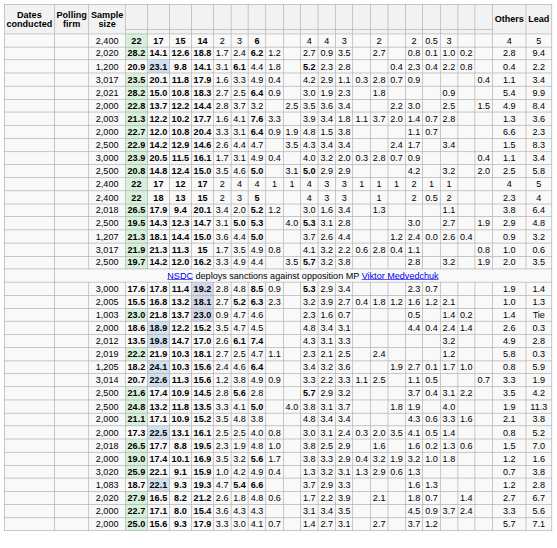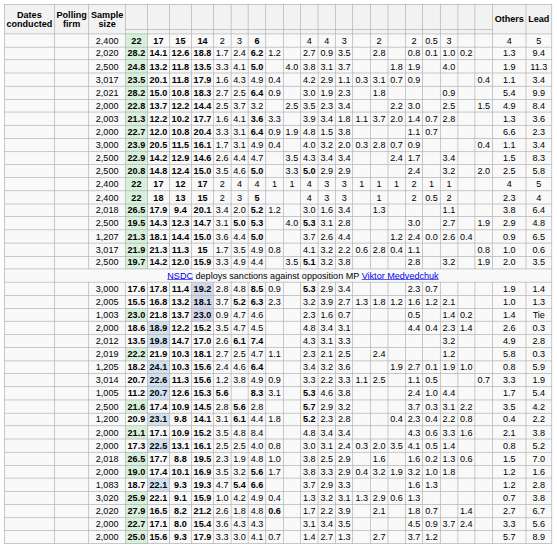 <table class="wikitable sortable mw-datatable mw-collapsible" style="text-align:center;font-size:90%;line-height:14px;">
 <tr style="height:40px;">
 <th rowspan="2">Dates<br>conducted</th>
 <th rowspan="2">Polling firm</th>
 <th rowspan="2">Sample<br>size</th>
 <th class="unsortable" style="width:30px;"></th>
 <th class="unsortable" style="width:30px;"></th>
 <th class="unsortable" style="width:30px;"></th>
 <th class="unsortable" style="width:30px;"></th>
 <th class="unsortable" style="width:30px;"></th>
 <th class="unsortable" style="width:30px;"></th>
 <th class="unsortable" style="width:30px;"></th>
 <th class="unsortable" style="width:30px;"></th>
 <th class="unsortable" style="width:30px;"></th>
 <th class="unsortable" style="width:30px;"></th>
 <th class="unsortable" style="width:30px;"></th>
 <th class="unsortable" style="width:30px;"></th>
 <th class="unsortable" style="width:30px;"></th>
 <th class="unsortable" style="width:30px;"></th>
 <th class="unsortable" style="width:30px;"></th>
 <th class="unsortable" style="width:30px;"></th>
 <th class="unsortable" style="width:30px;"></th>
 <th class="unsortable" style="width:30px;"></th>
 <th class="unsortable" style="width:30px;"></th>
 <th class="unsortable" style="width:30px;"></th>
 <th class="unsortable" rowspan="2" style="width:30px;">Others</th>
 <th rowspan="2" style="width:30px;">Lead</th>
 </tr>
 <tr>
 <th data-sort-type="number" style="background:"></th>
 <th data-sort-type="number" style="background:"></th>
 <th data-sort-type="number" style="background:"></th>
 <th data-sort-type="number" style="background:"></th>
 <th data-sort-type="number" style="background:"></th>
 <th data-sort-type="number" style="background:"></th>
 <th data-sort-type="number" style="background:"></th>
 <th data-sort-type="number" style="background:"></th>
 <th data-sort-type="number" style="background:"></th>
 <th data-sort-type="number" style="background:"></th>
 <th data-sort-type="number" style="background:"></th>
 <th data-sort-type="number" style="background:"></th>
 <th data-sort-type="number" style="background:"></th>
 <th data-sort-type="number" style="background:"></th>
 <th data-sort-type="number" style="background:"></th>
 <th data-sort-type="number" style="background:"></th>
 <th data-sort-type="number" style="background:"></th>
 <th data-sort-type="number" style="background:"></th>
 <th data-sort-type="number" style="background:"></th>
 <th data-sort-type="number" style="background:"></th>
 </tr>
 <tr>
 <td></td>
 <td></td>
 <td>2,400</td>
 <td style="background:#D7F0DB;"><strong>22</strong></td>
 <td><strong>17</strong></td>
 <td><strong>15</strong></td>
 <td><strong>14</strong></td>
 <td>2</td>
 <td>3</td>
 <td><strong>6</strong></td>
 <td></td>
 <td></td>
 <td>4</td>
 <td>4</td>
 <td>3</td>
 <td></td>
 <td>2</td>
 <td></td>
 <td>2</td>
 <td>0.5</td>
 <td>3</td>
 <td></td>
 <td></td>
 <td>4</td>
 <td style="background:">5</td>
 </tr>
 <tr>
 <td></td>
 <td></td>
 <td>2,020</td>
 <td style="background:#D7F0DB;"><strong>28.2</strong></td>
 <td><strong>14.1</strong></td>
 <td><strong>12.6</strong></td>
 <td><strong>18.8</strong></td>
 <td>1.7</td>
 <td>2.4</td>
 <td><strong>6.2</strong></td>
 <td>1.2</td>
 <td></td>
 <td>2.7</td>
 <td>0.9</td>
 <td>3.5</td>
 <td></td>
-<td>2.7</td>
+<td>2.8</td>
 <td></td>
 <td>0.8</td>
 <td>0.1</td>
 <td>1.0</td>
 <td>0.2</td>
 <td></td>
-<td>2.8</td>
+<td>1.3</td>
 <td style="background:">9.4</td>
 </tr>
 <tr>
 <td></td>
 <td></td>
-<td>1,200</td>
-<td><strong>20.9</strong></td>
-<td style="background:#D1E0EF;"><strong>23.1</strong></td>
-<td><strong>9.8</strong></td>
-<td><strong>14.1</strong></td>
+<td>2,500</td>
+<td style="background:#D7F0DB;"><strong>24.8</strong></td>
+<td><strong>13.2</strong></td>
+<td><strong>11.8</strong></td>
+<td><strong>13.5</strong></td>
+<td>3.3</td>
+<td>4.1</td>
+<td><strong>5.0</strong></td>
+<td></td>
+<td>4.0</td>
+<td>3.8</td>
 <td>3.1</td>
-<td><strong>6.1</strong></td>
-<td>4.4</td>
-<td>1.8</td>
-<td></td>
-<td><strong>5.2</strong></td>
-<td>2.3</td>
-<td>2.8</td>
+<td>3.7</td>
 <td></td>
 <td></td>
-<td>0.4</td>
-<td>2.3</td>
-<td>0.4</td>
-<td>2.2</td>
-<td>0.8</td>
+<td>1.8</td>
+<td>1.9</td>
 <td></td>
-<td>0.4</td>
-<td style="background:">2.2</td>
+<td>4.0</td>
+<td></td>
+<td></td>
+<td>1.9</td>
+<td style="background:">11.3</td>
 </tr>
 <tr>
 <td></td>
 <td></td>
 <td>3,017</td>
 <td style="background:#D7F0DB;"><strong>23.5</strong></td>
 <td><strong>20.1</strong></td>
 <td><strong>11.8</strong></td>
 <td><strong>17.9</strong></td>
 <td>1.6</td>
-<td>3.3</td>
+<td>4.3</td>
 <td>4.9</td>
 <td>0.4</td>
 <td></td>
 <td>4.2</td>
 <td>2.9</td>
 <td>1.1</td>
 <td>0.3</td>
-<td>2.8</td>
+<td>3.1</td>
 <td>0.7</td>
 <td>0.9</td>
 <td></td>
 <td></td>
 <td></td>
 <td>0.4</td>
 <td>1.1</td>
 <td style="background:">3.4</td>
 </tr>
 <tr>
 <td></td>
 <td></td>
 <td>2,021</td>
 <td style="background:#D7F0DB;"><strong>28.2</strong></td>
 <td><strong>15.0</strong></td>
 <td><strong>10.8</strong></td>
 <td><strong>18.3</strong></td>
 <td>2.7</td>
 <td>2.5</td>
 <td><strong>6.4</strong></td>
 <td>0.9</td>
 <td></td>
 <td>3.0</td>
 <td>1.9</td>
 <td>2.3</td>
 <td></td>
 <td>1.8</td>
 <td></td>
 <td></td>
 <td></td>
 <td>0.9</td>
 <td></td>
 <td></td>
 <td>5.4</td>
 <td style="background:">9.9</td>
 </tr>
 <tr>
 <td></td>
 <td></td>
 <td>2,000</td>
 <td style="background:#D7F0DB;"><strong>22.8</strong></td>
 <td><strong>13.7</strong></td>
 <td><strong>12.2</strong></td>
 <td><strong>14.4</strong></td>
-<td>2.8</td>
+<td>2.5</td>
 <td>3.7</td>
 <td>3.2</td>
 <td></td>
 <td>2.5</td>
 <td>3.5</td>
-<td>3.6</td>
+<td>2.3</td>
 <td>3.4</td>
 <td></td>
 <td></td>
 <td>2.2</td>
 <td>3.0</td>
 <td></td>
 <td>2.5</td>
 <td></td>
 <td>1.5</td>
 <td>4.9</td>
 <td style="background:">8.4</td>
 </tr>
 <tr>
 <td></td>
 <td></td>
 <td>2,003</td>
 <td style="background:#D7F0DB;"><strong>21.3</strong></td>
 <td><strong>12.2</strong></td>
 <td><strong>10.2</strong></td>
 <td><strong>17.7</strong></td>
 <td>1.6</td>
 <td>4.1</td>
-<td><strong>7.6</strong></td>
+<td><strong>3.6</strong></td>
 <td>3.3</td>
 <td></td>
 <td>3.9</td>
 <td>3.4</td>
 <td>1.8</td>
 <td>1.1</td>
 <td>3.7</td>
 <td>2.0</td>
 <td>1.4</td>
 <td>0.7</td>
 <td>2.8</td>
 <td></td>
 <td></td>
 <td>1.3</td>
 <td style="background:">3.6</td>
 </tr>
 <tr>
 <td></td>
 <td></td>
 <td>2,000</td>
 <td style="background:#D7F0DB;"><strong>22.7</strong></td>
 <td><strong>12.0</strong></td>
 <td><strong>10.8</strong></td>
 <td><strong>20.4</strong></td>
 <td>3.3</td>
 <td>3.1</td>
 <td><strong>6.4</strong></td>
 <td>0.9</td>
 <td>1.9</td>
 <td>4.8</td>
 <td>1.5</td>
 <td>3.8</td>
 <td></td>
 <td></td>
 <td></td>
 <td>1.1</td>
 <td>0.7</td>
 <td></td>
 <td></td>
 <td></td>
 <td>6.6</td>
 <td style="background:">2.3</td>
 </tr>
 <tr>
 <td></td>
 <td></td>
-<td>2,500</td>
-<td style="background:#D7F0DB;"><strong>22.9</strong></td>
-<td><strong>14.2</strong></td>
-<td><strong>12.9</strong></td>
-<td><strong>14.6</strong></td>
-<td>2.6</td>
-<td>4.4</td>
-<td>4.7</td>
-<td></td>
-<td>3.5</td>
-<td>4.3</td>
-<td>3.4</td>
-<td>3.4</td>
-<td></td>
-<td></td>
-<td>2.4</td>
-<td>1.7</td>
-<td></td>
-<td>3.4</td>
-<td></td>
-<td></td>
-<td>1.5</td>
-<td style="background:">8.3</td>
-</tr>
-<tr>
-<td></td>
-<td></td>
 <td>3,000</td>
 <td style="background:#D7F0DB;"><strong>23.9</strong></td>
 <td><strong>20.5</strong></td>
 <td><strong>11.5</strong></td>
 <td><strong>16.1</strong></td>
 <td>1.7</td>
 <td>3.1</td>
 <td>4.9</td>
 <td>0.4</td>
 <td></td>
 <td>4.0</td>
 <td>3.2</td>
 <td>2.0</td>
 <td>0.3</td>
 <td>2.8</td>
 <td>0.7</td>
 <td>0.9</td>
 <td></td>
 <td></td>
 <td></td>
 <td>0.4</td>
 <td>1.1</td>
 <td style="background:">3.4</td>
 </tr>
 <tr>
 <td></td>
 <td></td>
 <td>2,500</td>
+<td style="background:#D7F0DB;"><strong>22.9</strong></td>
+<td><strong>14.2</strong></td>
+<td><strong>12.9</strong></td>
+<td><strong>14.6</strong></td>
+<td>2.6</td>
+<td>4.4</td>
+<td>4.7</td>
+<td></td>
+<td>3.5</td>
+<td>4.3</td>
+<td>3.4</td>
+<td>3.4</td>
+<td></td>
+<td></td>
+<td>2.4</td>
+<td>1.7</td>
+<td></td>
+<td>3.4</td>
+<td></td>
+<td></td>
+<td>1.5</td>
+<td style="background:">8.3</td>
+</tr>
+<tr>
+<td></td>
+<td></td>
+<td>2,500</td>
 <td style="background:#D7F0DB;"><strong>20.8</strong></td>
 <td><strong>14.8</strong></td>
 <td><strong>12.4</strong></td>
 <td><strong>15.0</strong></td>
 <td>3.5</td>
 <td>4.6</td>
 <td><strong>5.0</strong></td>
 <td></td>
-<td>3.1</td>
+<td>3.3</td>
 <td><strong>5.0</strong></td>
 <td>2.9</td>
 <td>2.9</td>
 <td></td>
 <td></td>
 <td></td>
-<td>4.2</td>
+<td>2.4</td>
 <td></td>
 <td>3.2</td>
 <td></td>
 <td>2.0</td>
 <td>2.5</td>
 <td style="background:">5.8</td>
 </tr>
 <tr>
 <td></td>
 <td></td>
 <td>2,400</td>
 <td style="background:#D7F0DB;"><strong>22</strong></td>
 <td><strong>17</strong></td>
 <td><strong>12</strong></td>
 <td><strong>17</strong></td>
 <td>2</td>
 <td>4</td>
 <td>4</td>
 <td>1</td>
 <td>1</td>
 <td>4</td>
 <td>3</td>
 <td>3</td>
 <td>1</td>
 <td>1</td>
 <td>1</td>
 <td>2</td>
 <td>1</td>
 <td>1</td>
 <td></td>
 <td></td>
 <td>4</td>
 <td style="background:">5</td>
 </tr>
 <tr>
 <td></td>
 <td></td>
 <td>2,400</td>
 <td style="background:#D7F0DB;"><strong>22</strong> </td>
 <td><strong>18</strong></td>
 <td><strong>13</strong></td>
 <td><strong>15</strong></td>
 <td>2</td>
 <td>3</td>
 <td><strong>5</strong></td>
 <td></td>
 <td></td>
 <td>4</td>
 <td>3</td>
 <td>3</td>
 <td></td>
 <td>1</td>
 <td></td>
 <td>2</td>
 <td>0.5</td>
 <td>2</td>
 <td></td>
 <td></td>
 <td>2.3</td>
 <td style="background:">4</td>
 </tr>
 <tr>
 <td></td>
 <td></td>
 <td>2,018</td>
 <td style="background:#D7F0DB;"><strong>26.5</strong></td>
 <td><strong>17.9</strong></td>
 <td><strong>9.4</strong></td>
 <td><strong>20.1</strong></td>
 <td>3.4</td>
 <td>2.0</td>
 <td><strong>5.2</strong></td>
 <td>1.2</td>
 <td></td>
 <td>3.0</td>
 <td>1.6</td>
 <td>3.4</td>
 <td></td>
 <td>1.3</td>
 <td></td>
 <td></td>
 <td></td>
 <td>1.1</td>
 <td></td>
 <td></td>
 <td>3.8</td>
 <td style="background:">6.4</td>
 </tr>
 <tr>
 <td></td>
 <td></td>
 <td>2,500</td>
 <td style="background:#D7F0DB;"><strong>19.5</strong></td>
 <td><strong>14.3</strong></td>
 <td><strong>12.3</strong></td>
 <td><strong>14.7</strong></td>
 <td>3.1</td>
 <td><strong>5.0</strong></td>
 <td><strong>5.3</strong></td>
 <td></td>
 <td>4.0</td>
 <td><strong>5.3</strong></td>
 <td>3.1</td>
 <td>2.8</td>
 <td></td>
 <td></td>
 <td></td>
 <td>3.0</td>
 <td></td>
 <td>2.7</td>
 <td></td>
 <td>1.9</td>
 <td>2.9</td>
 <td style="background:">4.8</td>
 </tr>
 <tr>
 <td></td>
 <td></td>
 <td>1,207</td>
 <td style="background:#D7F0DB;"><strong>21.3</strong></td>
 <td><strong>18.1</strong></td>
 <td><strong>14.4</strong></td>
 <td><strong>15.0</strong></td>
 <td>3.6</td>
 <td>4.4</td>
 <td><strong>5.0</strong></td>
 <td></td>
 <td></td>
 <td>3.7</td>
 <td>2.6</td>
 <td>4.4</td>
 <td></td>
 <td></td>
 <td>1.2</td>
 <td>2.4</td>
 <td>0.0</td>
 <td>2.6</td>
 <td>0.4</td>
 <td></td>
 <td>0.9</td>
-<td style="background:">3.2</td>
+<td style="background:">6.5</td>
 </tr>
 <tr>
 <td></td>
 <td></td>
 <td>3,017</td>
 <td style="background:#D7F0DB;"><strong>21.9</strong></td>
 <td><strong>21.3</strong></td>
 <td><strong>11.3</strong></td>
 <td><strong>15</strong></td>
 <td>1.7</td>
 <td>3.5</td>
 <td>4.9</td>
 <td>0.8</td>
 <td></td>
 <td>4.1</td>
 <td>3.2</td>
 <td>2.2</td>
 <td>0.6</td>
 <td>2.8</td>
 <td>0.4</td>
 <td>1.1</td>
 <td></td>
 <td></td>
 <td></td>
 <td>0.8</td>
 <td>1.0</td>
 <td style="background:">0.6</td>
 </tr>
 <tr>
 <td></td>
 <td></td>
 <td>2,500</td>
 <td style="background:#D7F0DB;"><strong>19.7</strong></td>
 <td><strong>14.2</strong></td>
 <td><strong>12.0</strong></td>
-<td><strong>16.2</strong></td>
+<td><strong>15.9</strong></td>
 <td>3.3</td>
 <td>4.9</td>
 <td>4.4</td>
 <td></td>
 <td>3.5</td>
-<td><strong>5.7</strong></td>
+<td><strong>5.1</strong></td>
 <td>3.2</td>
 <td>3.8</td>
 <td></td>
 <td></td>
 <td></td>
 <td>2.8</td>
 <td></td>
 <td>3.2</td>
 <td></td>
 <td>1.9</td>
 <td>2.0</td>
 <td style="background:">3.5</td>
 </tr>
 <tr>
 <td></td>
 <td colspan="24"><a href='#'>NSDC</a> deploys sanctions against opposition MP <a href='#'>Viktor Medvedchuk</a></td>
 </tr>
 <tr>
 <td></td>
 <td></td>
 <td>3,000</td>
 <td><strong>17.6</strong></td>
 <td><strong>17.8</strong></td>
 <td><strong>11.4</strong></td>
 <td style="background:#D1D7E9;"><strong>19.2</strong></td>
 <td>2.8</td>
 <td>4.8</td>
 <td><strong>8.5</strong></td>
 <td>0.9</td>
 <td></td>
 <td><strong>5.3</strong></td>
 <td>2.9</td>
 <td>3.4</td>
 <td></td>
 <td></td>
 <td></td>
 <td>2.3</td>
 <td>0.7</td>
 <td></td>
 <td></td>
 <td></td>
 <td>1.9</td>
 <td style="background:">1.4</td>
 </tr>
 <tr>
 <td></td>
 <td></td>
 <td>2,005</td>
 <td><strong>15.5</strong></td>
 <td><strong>16.8</strong></td>
 <td><strong>13.2</strong></td>
 <td style="background:#D1D7E9;"><strong>18.1</strong></td>
-<td>2.7</td>
+<td>3.7</td>
 <td><strong>5.2</strong></td>
 <td><strong>6.3</strong></td>
 <td>2.3</td>
 <td></td>
 <td>3.2</td>
 <td>3.9</td>
 <td>2.7</td>
-<td>0.4</td>
+<td>1.3</td>
 <td>1.8</td>
 <td>1.2</td>
 <td>1.6</td>
 <td>1.2</td>
 <td>2.1</td>
 <td></td>
 <td></td>
 <td>1.0</td>
 <td style="background:">1.3</td>
 </tr>
 <tr>
 <td></td>
 <td></td>
 <td>1,003</td>
 <td style="background:#D7F0DB;"><strong>23.0</strong></td>
 <td><strong>21.8</strong></td>
 <td><strong>13.7</strong></td>
 <td style="background:#D1D7E9;"><strong>23.0</strong></td>
 <td>0.9</td>
 <td>4.7</td>
 <td>4.6</td>
 <td></td>
 <td></td>
 <td>2.3</td>
 <td>1.6</td>
 <td>0.7</td>
 <td></td>
 <td></td>
 <td></td>
 <td>0.5</td>
 <td></td>
 <td>1.4</td>
 <td>0.2</td>
 <td></td>
 <td>1.4</td>
 <td>Tie</td>
 </tr>
 <tr>
 <td></td>
 <td></td>
 <td>2,000</td>
 <td><strong>18.6</strong></td>
 <td style="background:#D1E0EF;"><strong>18.9</strong></td>
 <td><strong>12.2</strong></td>
 <td><strong>15.2</strong></td>
 <td>3.5</td>
 <td>4.7</td>
 <td>4.5</td>
 <td></td>
 <td></td>
 <td>4.8</td>
 <td>3.4</td>
 <td>3.1</td>
 <td></td>
 <td></td>
 <td></td>
 <td>4.4</td>
 <td>0.4</td>
-<td>2.4</td>
+<td>2.3</td>
 <td>1.4</td>
 <td></td>
 <td>2.6</td>
 <td style="background:">0.3</td>
 </tr>
 <tr>
 <td></td>
 <td></td>
 <td>2,012</td>
 <td><strong>13.5</strong></td>
 <td style="background:#D1E0EF;"><strong>19.8</strong></td>
 <td><strong>14.7</strong></td>
 <td><strong>17.0</strong></td>
 <td>2.6</td>
 <td><strong>6.1</strong></td>
 <td><strong>7.4</strong></td>
 <td></td>
 <td></td>
 <td>4.3</td>
 <td>3.1</td>
 <td>3.3</td>
 <td></td>
 <td></td>
 <td></td>
 <td></td>
 <td></td>
 <td>3.2</td>
 <td></td>
 <td></td>
 <td>4.9</td>
 <td style="background:">2.8</td>
 </tr>
 <tr>
 <td></td>
 <td></td>
 <td>2,019</td>
 <td style="background:#D7F0DB;"><strong>22.2</strong></td>
 <td><strong>21.9</strong></td>
 <td><strong>10.3</strong></td>
 <td><strong>18.1</strong></td>
 <td>2.7</td>
 <td>2.5</td>
 <td>4.7</td>
 <td>1.1</td>
 <td></td>
 <td>2.3</td>
 <td>2.1</td>
 <td>2.5</td>
 <td></td>
 <td>2.4</td>
 <td></td>
 <td></td>
 <td></td>
 <td>1.2</td>
 <td></td>
 <td></td>
 <td>5.8</td>
 <td style="background:">0.3</td>
 </tr>
 <tr>
 <td></td>
 <td></td>
 <td>1,205</td>
 <td><strong>18.2</strong></td>
 <td style="background:#D1E0EF;"><strong>24.1</strong></td>
 <td><strong>10.3</strong></td>
 <td><strong>15.6</strong></td>
 <td>2.4</td>
 <td>4.6</td>
 <td><strong>6.4</strong></td>
 <td></td>
 <td></td>
 <td>3.4</td>
 <td>3.2</td>
 <td>3.6</td>
 <td></td>
 <td></td>
 <td>1.9</td>
 <td>2.7</td>
 <td>0.1</td>
-<td>1.7</td>
+<td>1.9</td>
 <td>1.0</td>
 <td></td>
 <td>0.8</td>
 <td style="background:">5.9</td>
 </tr>
 <tr>
 <td></td>
 <td></td>
 <td>3,014</td>
 <td><strong>20.7</strong></td>
 <td style="background:#D1E0EF;"><strong>22.6</strong></td>
 <td><strong>11.3</strong></td>
 <td><strong>15.6</strong></td>
 <td>1.2</td>
 <td>3.8</td>
 <td>4.9</td>
 <td>0.9</td>
 <td></td>
 <td>3.3</td>
 <td>2.2</td>
 <td>3.3</td>
 <td>1.1</td>
 <td>2.5</td>
 <td></td>
 <td>1.1</td>
 <td>0.5</td>
 <td></td>
 <td></td>
 <td>0.7</td>
 <td>3.3</td>
 <td style="background:">1.9</td>
 </tr>
 <tr>
 <td></td>
 <td></td>
+<td>1,005</td>
+<td><strong>11.2</strong></td>
+<td style="background:#D1E0EF;"><strong>20.7</strong></td>
+<td><strong>12.6</strong></td>
+<td><strong>15.3</strong></td>
+<td><strong>5.6</strong></td>
+<td></td>
+<td><strong>8.3</strong></td>
+<td>3.1</td>
+<td></td>
+<td><strong>5.3</strong></td>
+<td>4.6</td>
+<td>3.8</td>
+<td></td>
+<td></td>
+<td></td>
+<td>2.4</td>
+<td>1.0</td>
+<td>4.4</td>
+<td></td>
+<td></td>
+<td>1.7</td>
+<td style="background:">5.4</td>
+</tr>
+<tr>
+<td></td>
+<td></td>
 <td>2,500</td>
 <td style="background:#D7F0DB;"><strong>21.6</strong></td>
 <td><strong>17.4</strong></td>
 <td><strong>10.9</strong></td>
 <td><strong>14.5</strong></td>
 <td>2.8</td>
 <td><strong>5.6</strong></td>
 <td>2.8</td>
 <td></td>
 <td></td>
 <td><strong>5.7</strong></td>
 <td>2.9</td>
 <td>3.2</td>
 <td></td>
 <td></td>
 <td></td>
 <td>3.7</td>
-<td>0.4</td>
+<td>0.3</td>
 <td>3.1</td>
 <td>2.2</td>
 <td></td>
 <td>3.5</td>
 <td style="background:">4.2</td>
 </tr>
 <tr>
 <td></td>
 <td></td>
-<td>2,500</td>
-<td style="background:#D7F0DB;"><strong>24.8</strong></td>
-<td><strong>13.2</strong></td>
-<td><strong>11.8</strong></td>
-<td><strong>13.5</strong></td>
-<td>3.3</td>
-<td>4.1</td>
-<td><strong>5.0</strong></td>
+<td>1,200</td>
+<td><strong>20.9</strong></td>
+<td style="background:#D1E0EF;"><strong>23.1</strong></td>
+<td><strong>9.8</strong></td>
+<td><strong>14.1</strong></td>
+<td>3.1</td>
+<td><strong>6.1</strong></td>
+<td>4.4</td>
+<td>1.8</td>
 <td></td>
-<td>4.0</td>
-<td>3.8</td>
-<td>3.1</td>
-<td>3.7</td>
+<td><strong>5.2</strong></td>
+<td>2.3</td>
+<td>2.8</td>
 <td></td>
 <td></td>
-<td>1.8</td>
-<td>1.9</td>
+<td>0.4</td>
+<td>2.3</td>
+<td>0.4</td>
+<td>2.2</td>
+<td>0.8</td>
 <td></td>
-<td>4.0</td>
-<td></td>
-<td></td>
-<td>1.9</td>
-<td style="background:">11.3</td>
+<td>0.4</td>
+<td style="background:">2.2</td>
 </tr>
 <tr>
 <td></td>
 <td></td>
 <td>2,000</td>
 <td style="background:#D7F0DB;"><strong>21.1</strong></td>
 <td><strong>17.1</strong></td>
 <td><strong>10.9</strong></td>
 <td><strong>15.2</strong></td>
 <td>3.5</td>
 <td>4.8</td>
-<td>3.8</td>
+<td>8.4</td>
 <td></td>
 <td></td>
 <td>4.8</td>
 <td>3.4</td>
 <td>3.4</td>
 <td></td>
 <td></td>
 <td></td>
 <td>4.3</td>
 <td>0.6</td>
 <td>3.3</td>
 <td>1.6</td>
 <td></td>
 <td>2.1</td>
 <td style="background:">3.8</td>
 </tr>
 <tr>
 <td></td>
 <td></td>
 <td>2,000</td>
 <td><strong>17.3</strong></td>
 <td style="background:#D1E0EF;"><strong>22.5</strong></td>
 <td><strong>13.1</strong></td>
 <td><strong>16.1</strong></td>
 <td>2.5</td>
 <td>2.5</td>
 <td>4.0</td>
 <td>0.8</td>
 <td></td>
 <td>3.0</td>
 <td>3.1</td>
 <td>2.4</td>
 <td>0.3</td>
 <td>2.0</td>
 <td>3.5</td>
 <td>4.1</td>
 <td>0.5</td>
 <td>1.4</td>
 <td></td>
 <td></td>
 <td>0.8</td>
 <td style="background:">5.2</td>
 </tr>
 <tr>
 <td></td>
 <td></td>
 <td>2,018</td>
 <td style="background:#D7F0DB;"><strong>26.5</strong></td>
 <td><strong>17.7</strong></td>
 <td><strong>8.8</strong></td>
 <td><strong>19.5</strong></td>
 <td>2.3</td>
 <td>1.9</td>
 <td>4.8</td>
 <td>1.0</td>
 <td></td>
 <td>3.8</td>
 <td>2.5</td>
 <td>2.9</td>
 <td></td>
 <td>1.6</td>
 <td></td>
 <td>1.6</td>
 <td>0.2</td>
 <td>1.3</td>
 <td>0.6</td>
 <td></td>
 <td>1.5</td>
 <td style="background:">7.0</td>
 </tr>
 <tr>
 <td></td>
 <td></td>
 <td>2,000</td>
 <td style="background:#D7F0DB;"><strong>19.0</strong></td>
 <td><strong>17.4</strong></td>
 <td><strong>10.1</strong></td>
 <td><strong>16.9</strong></td>
 <td>3.5</td>
 <td>3.2</td>
 <td><strong>5.6</strong></td>
 <td>1.7</td>
 <td></td>
 <td>3.8</td>
 <td>3.3</td>
 <td>2.9</td>
 <td>0.4</td>
 <td>3.2</td>
 <td>1.9</td>
 <td>3.2</td>
 <td>1.0</td>
 <td>1.8</td>
 <td></td>
 <td></td>
 <td>1.2</td>
 <td style="background:">1.6</td>
 </tr>
 <tr>
 <td></td>
 <td></td>
+<td>1,083</td>
+<td><strong>18.7</strong></td>
+<td style="background:#D1E0EF;"><strong>22.1</strong></td>
+<td><strong>9.3</strong></td>
+<td><strong>19.3</strong></td>
+<td>4.7</td>
+<td><strong>5.4</strong></td>
+<td><strong>6.6</strong></td>
+<td></td>
+<td></td>
+<td>3.7</td>
+<td>2.9</td>
+<td>3.3</td>
+<td></td>
+<td></td>
+<td></td>
+<td>1.6</td>
+<td>1.3</td>
+<td></td>
+<td></td>
+<td></td>
+<td>1.2</td>
+<td style="background:">2.8</td>
+</tr>
+<tr>
+<td></td>
+<td></td>
 <td>3,020</td>
 <td style="background:#D7F0DB;"><strong>25.9</strong></td>
 <td><strong>22.1</strong></td>
 <td><strong>9.1</strong></td>
 <td><strong>15.9</strong></td>
 <td>1.0</td>
 <td>4.2</td>
 <td>4.9</td>
 <td>0.4</td>
 <td></td>
 <td>1.3</td>
 <td>3.2</td>
 <td>3.1</td>
 <td>1.3</td>
 <td>2.9</td>
 <td>0.6</td>
 <td>1.3</td>
 <td></td>
 <td></td>
 <td></td>
 <td></td>
 <td>0.7</td>
 <td style="background:">3.8</td>
 </tr>
 <tr>
 <td></td>
 <td></td>
-<td>1,083</td>
-<td><strong>18.7</strong></td>
-<td style="background:#D1E0EF;"><strong>22.1</strong></td>
-<td><strong>9.3</strong></td>
-<td><strong>19.3</strong></td>
-<td>4.7</td>
-<td><strong>5.4</strong></td>
-<td><strong>6.6</strong></td>
-<td></td>
-<td></td>
-<td>3.7</td>
-<td>2.9</td>
-<td>3.3</td>
-<td></td>
-<td></td>
-<td></td>
-<td>1.6</td>
-<td>1.3</td>
-<td></td>
-<td></td>
-<td></td>
-<td>1.2</td>
-<td style="background:">2.8</td>
-</tr>
-<tr>
-<td></td>
-<td></td>
 <td>2,020</td>
 <td style="background:#D7F0DB;"><strong>27.9</strong></td>
 <td><strong>16.5</strong></td>
 <td><strong>8.2</strong></td>
 <td><strong>21.2</strong></td>
 <td>2.6</td>
 <td>1.8</td>
 <td>4.8</td>
-<td>0.6</td>
+<td><strong>0.6</strong></td>
 <td></td>
 <td>1.7</td>
 <td>2.2</td>
 <td>3.9</td>
 <td></td>
 <td>2.1</td>
 <td></td>
 <td>1.8</td>
 <td>0.7</td>
 <td></td>
 <td>1.4</td>
 <td></td>
 <td>2.7</td>
 <td style="background:">6.7</td>
 </tr>
 <tr>
 <td></td>
 <td></td>
 <td>2,000</td>
 <td style="background:#D7F0DB;"><strong>22.7</strong></td>
 <td><strong>17.1</strong></td>
 <td><strong>8.0</strong></td>
 <td><strong>15.4</strong></td>
 <td>3.6</td>
 <td>4.3</td>
 <td>4.3</td>
 <td></td>
 <td></td>
 <td>3.1</td>
 <td>3.4</td>
 <td>3.5</td>
 <td></td>
 <td></td>
 <td></td>
 <td>4.5</td>
 <td>0.9</td>
 <td>3.7</td>
 <td>2.4</td>
 <td></td>
 <td>3.3</td>
 <td style="background:">5.6</td>
 </tr>
 <tr>
 <td></td>
 <td></td>
 <td>2,000</td>
 <td style="background:#D7F0DB;"><strong>25.0</strong></td>
 <td><strong>15.6</strong></td>
 <td><strong>9.3</strong></td>
 <td><strong>17.9</strong></td>
 <td>3.3</td>
 <td>3.0</td>
 <td>4.1</td>
 <td>0.7</td>
 <td></td>
 <td>1.4</td>
 <td>2.7</td>
-<td>3.1</td>
+<td>1.3</td>
 <td></td>
 <td>2.7</td>
 <td></td>
 <td>3.7</td>
 <td>1.2</td>
 <td></td>
 <td></td>
 <td></td>
 <td>5.7</td>
-<td style="background:">7.1</td>
+<td style="background:">8.9</td>
 </tr>
 </table>
